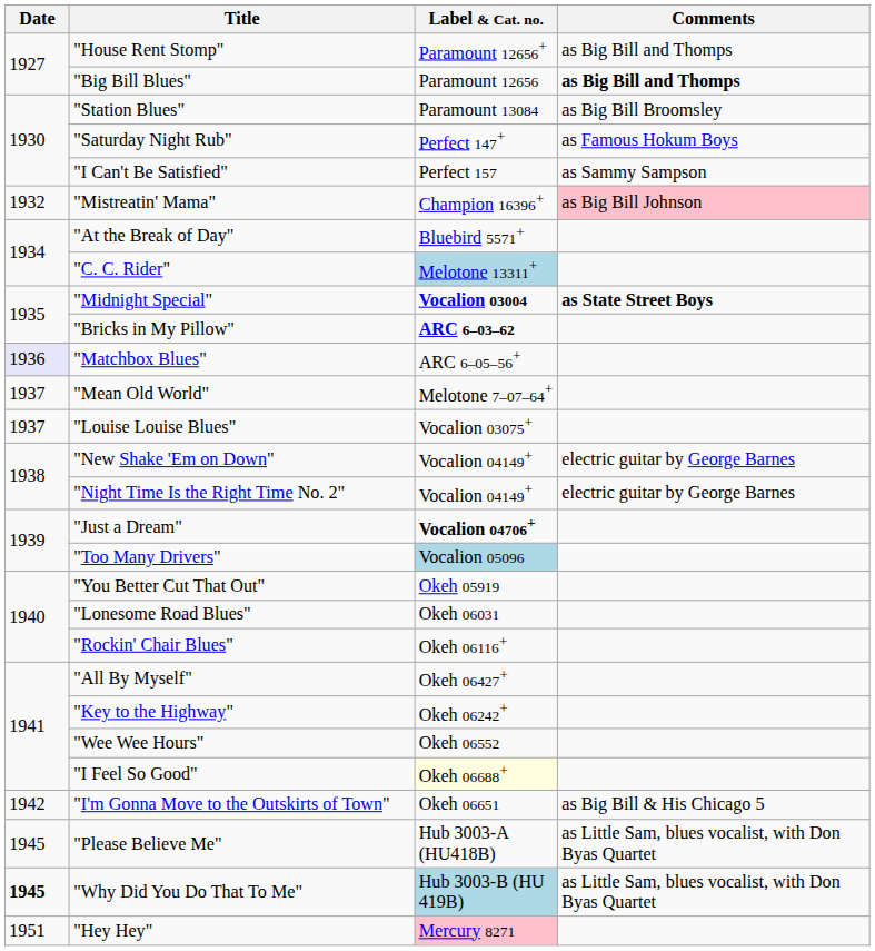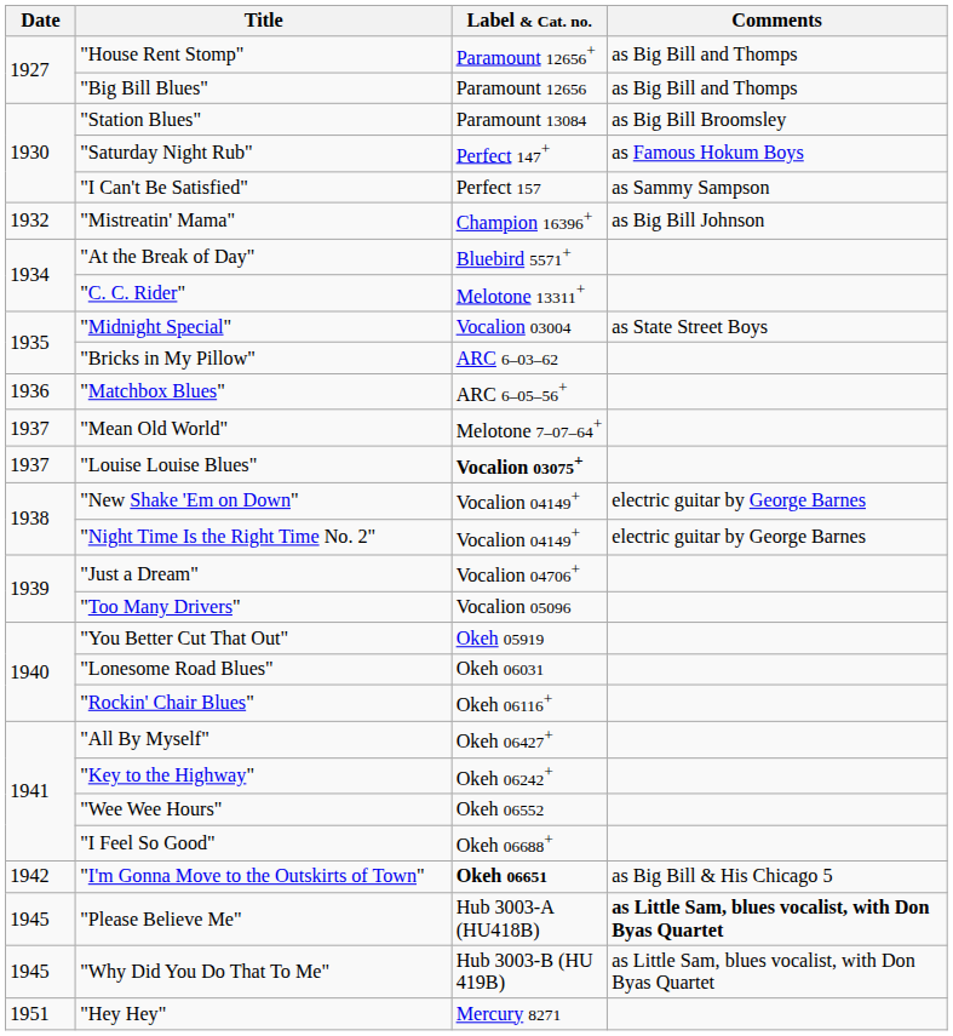 <table class="wikitable sortable">
 <tr>
 <th style="width:50px;">Date</th>
 <th style="width:300px;">Title</th>
 <th style="width:120px;">Label <small>& Cat. no.</small></th>
 <th style="width:270px;">Comments</th>
 </tr>
 <tr>
 <td rowspan="2">1927</td>
 <td>"House Rent Stomp"</td>
 <td><a href='#'>Paramount</a> <small>12656</small><sup>+</sup></td>
 <td>as Big Bill and Thomps</td>
 </tr>
 <tr>
 <td>"Big Bill Blues"</td>
 <td>Paramount <small>12656</small></td>
-<td><strong>as Big Bill and Thomps</strong></td>
+<td>as Big Bill and Thomps</td>
 </tr>
 <tr>
 <td rowspan="3">1930</td>
 <td>"Station Blues"</td>
 <td>Paramount <small>13084</small></td>
 <td>as Big Bill Broomsley</td>
 </tr>
 <tr>
 <td>"Saturday Night Rub"</td>
 <td><a href='#'>Perfect</a> <small>147</small><sup>+</sup></td>
 <td>as <a href='#'>Famous Hokum Boys</a></td>
 </tr>
 <tr>
 <td>"I Can't Be Satisfied"</td>
 <td>Perfect <small>157</small></td>
 <td>as Sammy Sampson</td>
 </tr>
 <tr>
 <td>1932</td>
 <td>"Mistreatin' Mama"</td>
 <td><a href='#'>Champion</a> <small>16396</small><sup>+</sup></td>
-<td style="background: pink;">as Big Bill Johnson</td>
+<td>as Big Bill Johnson</td>
 </tr>
 <tr>
 <td rowspan="2">1934</td>
 <td>"At the Break of Day"</td>
 <td><a href='#'>Bluebird</a> <small>5571</small><sup>+</sup></td>
 <td></td>
 </tr>
 <tr>
 <td>"<a href='#'>C. C. Rider</a>"</td>
-<td style="background: lightblue;"><a href='#'>Melotone</a> <small>13311</small><sup>+</sup></td>
+<td><a href='#'>Melotone</a> <small>13311</small><sup>+</sup></td>
 <td></td>
 </tr>
 <tr>
 <td rowspan="2">1935</td>
 <td>"<a href='#'>Midnight Special</a>"</td>
-<td><strong><a href='#'>Vocalion</a> <small>03004</small></strong></td>
-<td><strong>as State Street Boys</strong></td>
+<td><a href='#'>Vocalion</a> <small>03004</small></td>
+<td>as State Street Boys</td>
 </tr>
 <tr>
 <td>"Bricks in My Pillow"</td>
-<td><strong><a href='#'>ARC</a> <small>6–03–62</small></strong></td>
+<td><a href='#'>ARC</a> <small>6–03–62</small></td>
 <td></td>
 </tr>
 <tr>
-<td style="background: lavender;">1936</td>
+<td>1936</td>
 <td>"<a href='#'>Matchbox Blues</a>"</td>
 <td>ARC <small>6–05–56</small><sup>+</sup></td>
 <td></td>
 </tr>
 <tr>
 <td>1937</td>
 <td>"Mean Old World"</td>
 <td>Melotone <small>7–07–64</small><sup>+</sup></td>
 <td></td>
 </tr>
 <tr>
 <td>1937</td>
 <td>"Louise Louise Blues"</td>
-<td>Vocalion <small>03075</small><sup>+</sup></td>
+<td><strong>Vocalion <small>03075</small><sup>+</sup></strong></td>
 <td></td>
 </tr>
 <tr>
 <td rowspan="2">1938</td>
 <td>"New <a href='#'>Shake 'Em on Down</a>"</td>
 <td>Vocalion <small>04149</small><sup>+</sup></td>
 <td>electric guitar by <a href='#'>George Barnes</a></td>
 </tr>
 <tr>
 <td>"<a href='#'>Night Time Is the Right Time</a> No. 2"</td>
 <td>Vocalion <small>04149</small><sup>+</sup></td>
 <td>electric guitar by George Barnes</td>
 </tr>
 <tr>
 <td rowspan="2">1939</td>
 <td>"Just a Dream"</td>
-<td><strong>Vocalion <small>04706</small><sup>+</sup></strong></td>
+<td>Vocalion <small>04706</small><sup>+</sup></td>
 <td></td>
 </tr>
 <tr>
 <td>"<a href='#'>Too Many Drivers</a>"</td>
-<td style="background: lightblue;">Vocalion <small>05096</small></td>
+<td>Vocalion <small>05096</small></td>
 <td></td>
 </tr>
 <tr>
 <td rowspan="3">1940</td>
 <td>"You Better Cut That Out"</td>
 <td><a href='#'>Okeh</a> <small>05919</small></td>
 <td></td>
 </tr>
 <tr>
 <td>"Lonesome Road Blues"</td>
 <td>Okeh <small>06031</small></td>
 <td></td>
 </tr>
 <tr>
 <td>"<a href='#'>Rockin' Chair Blues</a>"</td>
 <td>Okeh <small>06116</small><sup>+</sup></td>
 <td></td>
 </tr>
 <tr>
 <td rowspan="4">1941</td>
 <td>"All By Myself"</td>
 <td>Okeh <small>06427</small><sup>+</sup></td>
 <td></td>
 </tr>
 <tr>
 <td>"<a href='#'>Key to the Highway</a>"</td>
 <td>Okeh <small>06242</small><sup>+</sup></td>
 <td></td>
 </tr>
 <tr>
 <td>"Wee Wee Hours"</td>
 <td>Okeh <small>06552</small></td>
 <td></td>
 </tr>
 <tr>
 <td>"I Feel So Good"</td>
-<td style="background: lightyellow;">Okeh <small>06688</small><sup>+</sup></td>
+<td>Okeh <small>06688</small><sup>+</sup></td>
 <td></td>
 </tr>
 <tr>
 <td>1942</td>
 <td>"<a href='#'>I'm Gonna Move to the Outskirts of Town</a>"</td>
-<td>Okeh <small>06651</small></td>
+<td><strong>Okeh <small>06651</small></strong></td>
 <td>as Big Bill & His Chicago 5</td>
 </tr>
 <tr>
 <td>1945</td>
 <td>"Please Believe Me"</td>
 <td>Hub 3003-A (HU418B)</td>
-<td>as Little Sam, blues vocalist, with Don Byas Quartet</td>
+<td><strong>as Little Sam, blues vocalist, with Don Byas Quartet</strong></td>
 </tr>
 <tr>
-<td><strong>1945</strong></td>
+<td>1945</td>
 <td>"Why Did You Do That To Me"</td>
-<td style="background: lightblue;">Hub 3003-B (HU 419B)</td>
+<td>Hub 3003-B (HU 419B)</td>
 <td>as Little Sam, blues vocalist, with Don Byas Quartet</td>
 </tr>
 <tr>
 <td>1951</td>
 <td>"Hey Hey"</td>
-<td style="background: pink;"><a href='#'>Mercury</a> <small>8271</small></td>
+<td><a href='#'>Mercury</a> <small>8271</small></td>
 <td></td>
 </tr>
 </table>
